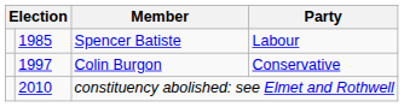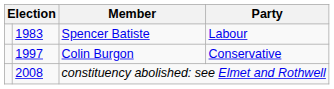 <table class="wikitable">
 <tr>
 <th colspan="2">Election</th>
 <th>Member </th>
 <th>Party</th>
 </tr>
 <tr>
 <td style="color:inherit;background-color: "></td>
-<td><a href='#'>1985</a></td>
+<td><a href='#'>1983</a></td>
 <td><a href='#'>Spencer Batiste</a></td>
 <td><a href='#'>Labour</a></td>
 </tr>
 <tr>
 <td style="color:inherit;background-color: "></td>
 <td><a href='#'>1997</a></td>
 <td><a href='#'>Colin Burgon</a></td>
 <td><a href='#'>Conservative</a></td>
 </tr>
 <tr>
 <td></td>
-<td><a href='#'>2010</a></td>
+<td><a href='#'>2008</a></td>
 <td colspan="2"><em>constituency abolished: see <a href='#'>Elmet and Rothwell</a></em></td>
 </tr>
 </table>
